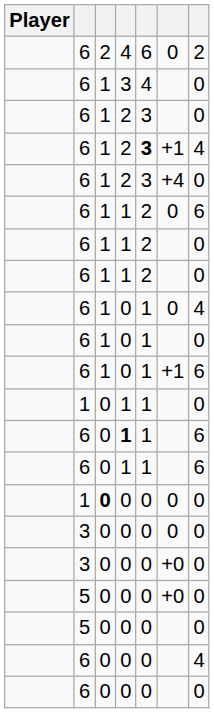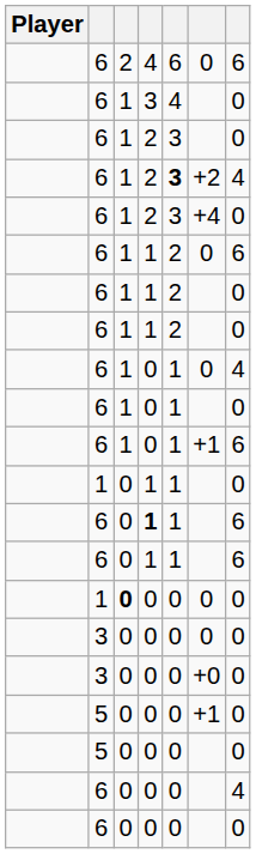 <table class="wikitable sortable" style="text-align:center;">
 <tr>
 <th>Player</th>
 <th></th>
 <th></th>
 <th></th>
 <th></th>
 <th data-sort-type="number"></th>
 <th></th>
 </tr>
 <tr>
 <td></td>
 <td>6</td>
 <td>2</td>
 <td>4</td>
 <td>6</td>
 <td>0</td>
-<td>2</td>
+<td>6</td>
 </tr>
 <tr>
 <td></td>
 <td>6</td>
 <td>1</td>
 <td>3</td>
 <td>4</td>
 <td></td>
 <td>0</td>
 </tr>
 <tr>
 <td></td>
 <td>6</td>
 <td>1</td>
 <td>2</td>
 <td>3</td>
 <td></td>
 <td>0</td>
 </tr>
 <tr>
 <td></td>
 <td>6</td>
 <td>1</td>
 <td>2</td>
 <td><strong>3</strong></td>
-<td>+1</td>
+<td>+2</td>
 <td>4</td>
 </tr>
 <tr>
 <td></td>
 <td>6</td>
 <td>1</td>
 <td>2</td>
 <td>3</td>
 <td>+4</td>
 <td>0</td>
 </tr>
 <tr>
 <td></td>
 <td>6</td>
 <td>1</td>
 <td>1</td>
 <td>2</td>
 <td>0</td>
 <td>6</td>
 </tr>
 <tr>
 <td></td>
 <td>6</td>
 <td>1</td>
 <td>1</td>
 <td>2</td>
 <td></td>
 <td>0</td>
 </tr>
 <tr>
 <td></td>
 <td>6</td>
 <td>1</td>
 <td>1</td>
 <td>2</td>
 <td></td>
 <td>0</td>
 </tr>
 <tr>
 <td></td>
 <td>6</td>
 <td>1</td>
 <td>0</td>
 <td>1</td>
 <td>0</td>
 <td>4</td>
 </tr>
 <tr>
 <td></td>
 <td>6</td>
 <td>1</td>
 <td>0</td>
 <td>1</td>
 <td></td>
 <td>0</td>
 </tr>
 <tr>
 <td></td>
 <td>6</td>
 <td>1</td>
 <td>0</td>
 <td>1</td>
 <td>+1</td>
 <td>6</td>
 </tr>
 <tr>
 <td></td>
 <td>1</td>
 <td>0</td>
 <td>1</td>
 <td>1</td>
 <td></td>
 <td>0</td>
 </tr>
 <tr>
 <td></td>
 <td>6</td>
 <td>0</td>
 <td><strong>1</strong></td>
 <td>1</td>
 <td></td>
 <td>6</td>
 </tr>
 <tr>
 <td></td>
 <td>6</td>
 <td>0</td>
 <td>1</td>
 <td>1</td>
 <td></td>
 <td>6</td>
 </tr>
 <tr>
 <td></td>
 <td>1</td>
 <td><strong>0</strong></td>
 <td>0</td>
 <td>0</td>
 <td>0</td>
 <td>0</td>
 </tr>
 <tr>
 <td></td>
 <td>3</td>
 <td>0</td>
 <td>0</td>
 <td>0</td>
 <td>0</td>
 <td>0</td>
 </tr>
 <tr>
 <td></td>
 <td>3</td>
 <td>0</td>
 <td>0</td>
 <td>0</td>
 <td>+0</td>
 <td>0</td>
 </tr>
 <tr>
 <td></td>
 <td>5</td>
 <td>0</td>
 <td>0</td>
 <td>0</td>
-<td>+0</td>
+<td>+1</td>
 <td>0</td>
 </tr>
 <tr>
 <td></td>
 <td>5</td>
 <td>0</td>
 <td>0</td>
 <td>0</td>
 <td></td>
 <td>0</td>
 </tr>
 <tr>
 <td></td>
 <td>6</td>
 <td>0</td>
 <td>0</td>
 <td>0</td>
 <td></td>
 <td>4</td>
 </tr>
 <tr>
 <td></td>
 <td>6</td>
 <td>0</td>
 <td>0</td>
 <td>0</td>
 <td></td>
 <td>0</td>
 </tr>
 </table>
